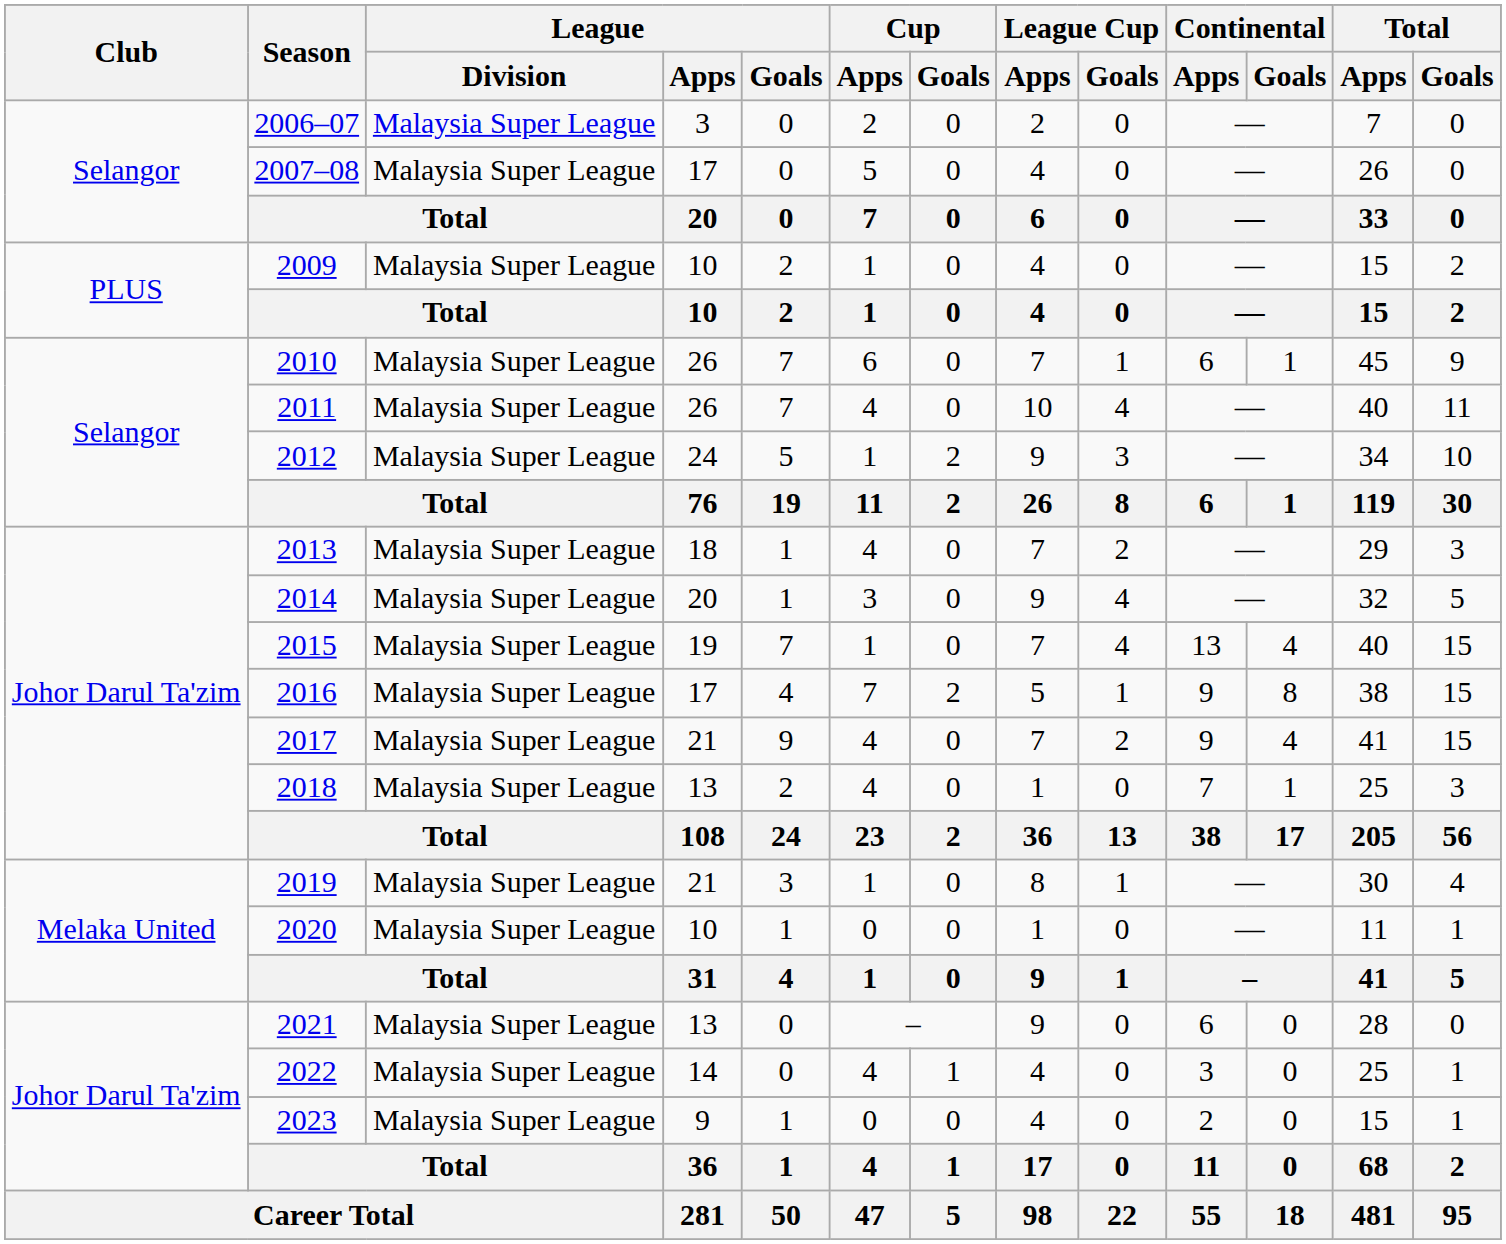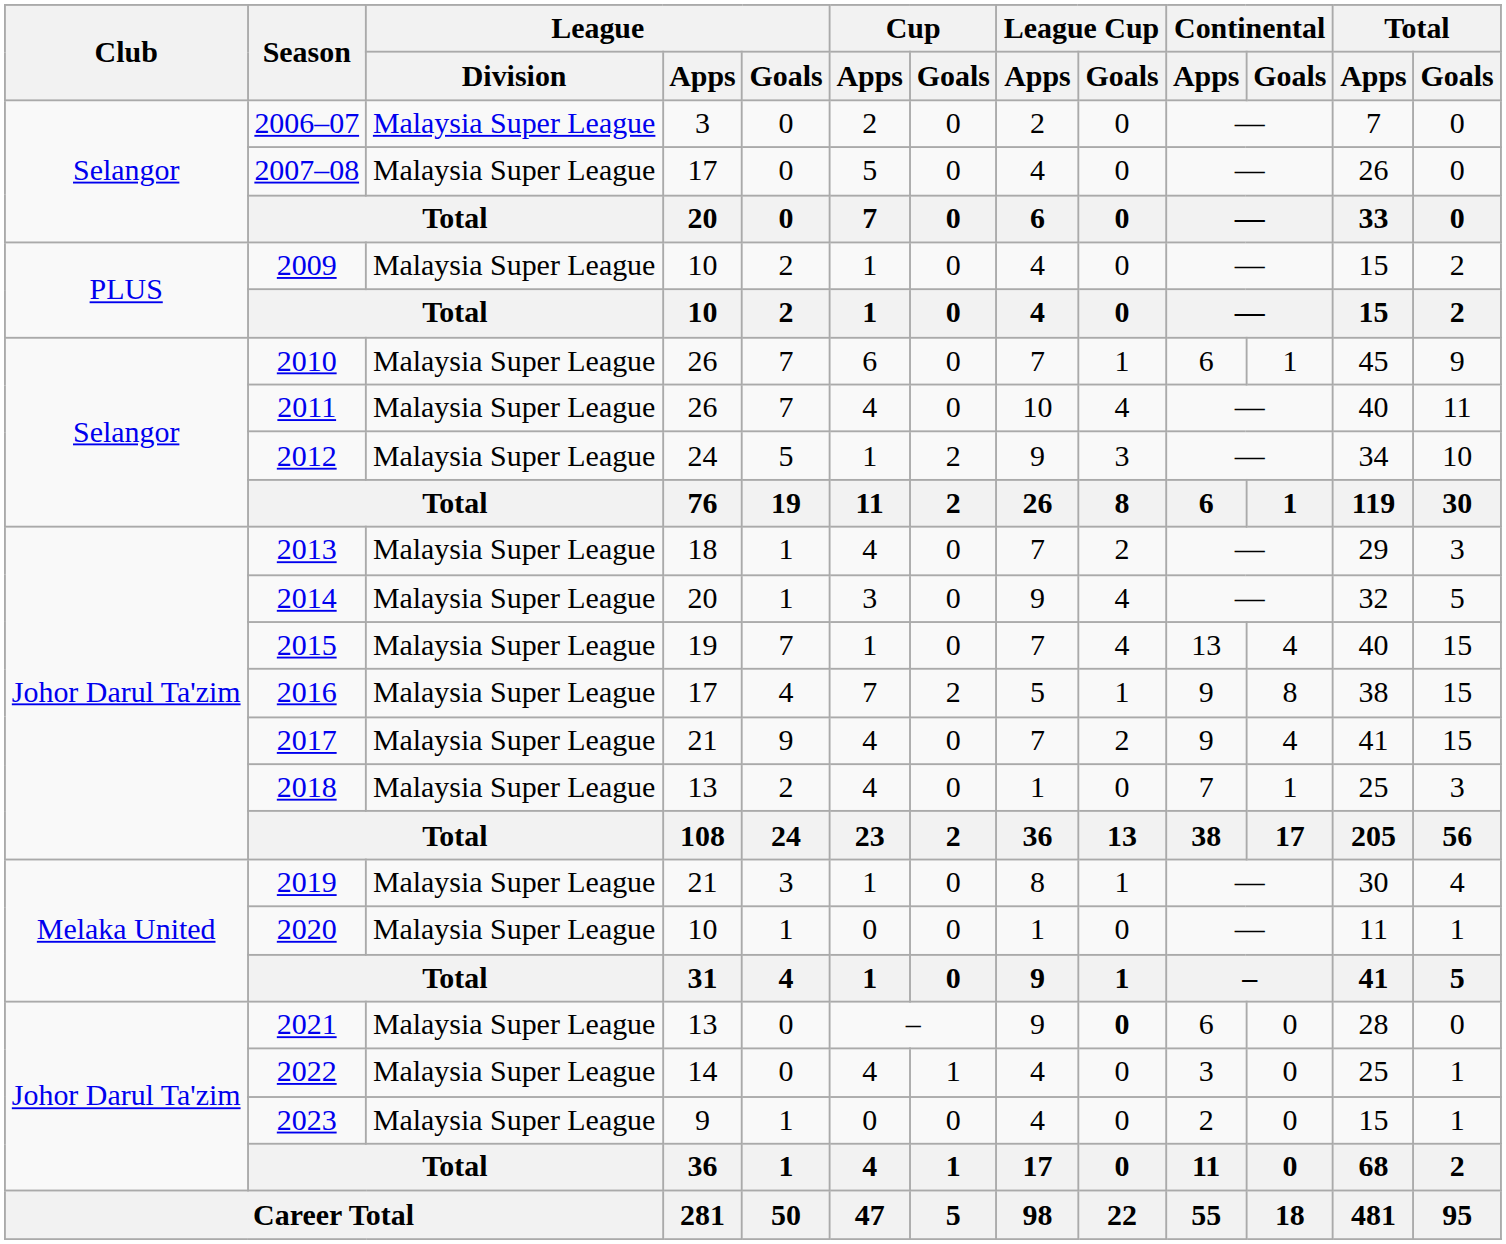 <table class=wikitable style="text-align:center">
 <tr>
 <th rowspan=2>Club</th>
 <th rowspan=2>Season</th>
 <th colspan=3>League</th>
 <th colspan=2>Cup</th>
 <th colspan=2>League Cup</th>
 <th colspan=2>Continental</th>
 <th colspan=2>Total</th>
 </tr>
 <tr>
 <th>Division</th>
 <th>Apps</th>
 <th>Goals</th>
 <th>Apps</th>
 <th>Goals</th>
 <th>Apps</th>
 <th>Goals</th>
 <th>Apps</th>
 <th>Goals</th>
 <th>Apps</th>
 <th>Goals</th>
 </tr>
 <tr>
 <td rowspan=3><a href='#'>Selangor</a></td>
 <td><a href='#'>2006–07</a></td>
 <td><a href='#'>Malaysia Super League</a></td>
 <td>3</td>
 <td>0</td>
 <td>2</td>
 <td>0</td>
 <td>2</td>
 <td>0</td>
 <td colspan=2>—</td>
 <td>7</td>
 <td>0</td>
 </tr>
 <tr>
 <td><a href='#'>2007–08</a></td>
 <td>Malaysia Super League</td>
 <td>17</td>
 <td>0</td>
 <td>5</td>
 <td>0</td>
 <td>4</td>
 <td>0</td>
 <td colspan=2>—</td>
 <td>26</td>
 <td>0</td>
 </tr>
 <tr>
 <th colspan="2">Total</th>
 <th>20</th>
 <th>0</th>
 <th>7</th>
 <th>0</th>
 <th>6</th>
 <th>0</th>
 <th colspan=2>—</th>
 <th>33</th>
 <th>0</th>
 </tr>
 <tr>
 <td rowspan=2><a href='#'>PLUS</a></td>
 <td><a href='#'>2009</a></td>
 <td>Malaysia Super League</td>
 <td>10</td>
 <td>2</td>
 <td>1</td>
 <td>0</td>
 <td>4</td>
 <td>0</td>
 <td colspan=2>—</td>
 <td>15</td>
 <td>2</td>
 </tr>
 <tr>
 <th colspan="2">Total</th>
 <th>10</th>
 <th>2</th>
 <th>1</th>
 <th>0</th>
 <th>4</th>
 <th>0</th>
 <th colspan=2>—</th>
 <th>15</th>
 <th>2</th>
 </tr>
 <tr>
 <td rowspan=4><a href='#'>Selangor</a></td>
 <td><a href='#'>2010</a></td>
 <td>Malaysia Super League</td>
 <td>26</td>
 <td>7</td>
 <td>6</td>
 <td>0</td>
 <td>7</td>
 <td>1</td>
 <td>6</td>
 <td>1</td>
 <td>45</td>
 <td>9</td>
 </tr>
 <tr>
 <td><a href='#'>2011</a></td>
 <td>Malaysia Super League</td>
 <td>26</td>
 <td>7</td>
 <td>4</td>
 <td>0</td>
 <td>10</td>
 <td>4</td>
 <td colspan=2>—</td>
 <td>40</td>
 <td>11</td>
 </tr>
 <tr>
 <td><a href='#'>2012</a></td>
 <td>Malaysia Super League</td>
 <td>24</td>
 <td>5</td>
 <td>1</td>
 <td>2</td>
 <td>9</td>
 <td>3</td>
 <td colspan=2>—</td>
 <td>34</td>
 <td>10</td>
 </tr>
 <tr>
 <th colspan="2">Total</th>
 <th>76</th>
 <th>19</th>
 <th>11</th>
 <th>2</th>
 <th>26</th>
 <th>8</th>
 <th>6</th>
 <th>1</th>
 <th>119</th>
 <th>30</th>
 </tr>
 <tr>
 <td rowspan=7><a href='#'>Johor Darul Ta'zim</a></td>
 <td><a href='#'>2013</a></td>
 <td>Malaysia Super League</td>
 <td>18</td>
 <td>1</td>
 <td>4</td>
 <td>0</td>
 <td>7</td>
 <td>2</td>
 <td colspan=2>—</td>
 <td>29</td>
 <td>3</td>
 </tr>
 <tr>
 <td><a href='#'>2014</a></td>
 <td>Malaysia Super League</td>
 <td>20</td>
 <td>1</td>
 <td>3</td>
 <td>0</td>
 <td>9</td>
 <td>4</td>
 <td colspan=2>—</td>
 <td>32</td>
 <td>5</td>
 </tr>
 <tr>
 <td><a href='#'>2015</a></td>
 <td>Malaysia Super League</td>
 <td>19</td>
 <td>7</td>
 <td>1</td>
 <td>0</td>
 <td>7</td>
 <td>4</td>
 <td>13</td>
 <td>4</td>
 <td>40</td>
 <td>15</td>
 </tr>
 <tr>
 <td><a href='#'>2016</a></td>
 <td>Malaysia Super League</td>
 <td>17</td>
 <td>4</td>
 <td>7</td>
 <td>2</td>
 <td>5</td>
 <td>1</td>
 <td>9</td>
 <td>8</td>
 <td>38</td>
 <td>15</td>
 </tr>
 <tr>
 <td><a href='#'>2017</a></td>
 <td>Malaysia Super League</td>
 <td>21</td>
 <td>9</td>
 <td>4</td>
 <td>0</td>
 <td>7</td>
 <td>2</td>
 <td>9</td>
 <td>4</td>
 <td>41</td>
 <td>15</td>
 </tr>
 <tr>
 <td><a href='#'>2018</a></td>
 <td>Malaysia Super League</td>
 <td>13</td>
 <td>2</td>
 <td>4</td>
 <td>0</td>
 <td>1</td>
 <td>0</td>
 <td>7</td>
 <td>1</td>
 <td>25</td>
 <td>3</td>
 </tr>
 <tr>
 <th colspan="2">Total</th>
 <th>108</th>
 <th>24</th>
 <th>23</th>
 <th>2</th>
 <th>36</th>
 <th>13</th>
 <th>38</th>
 <th>17</th>
 <th>205</th>
 <th>56</th>
 </tr>
 <tr>
 <td rowspan=3><a href='#'>Melaka United</a></td>
 <td><a href='#'>2019</a></td>
 <td>Malaysia Super League</td>
 <td>21</td>
 <td>3</td>
 <td>1</td>
 <td>0</td>
 <td>8</td>
 <td>1</td>
 <td colspan=2>—</td>
 <td>30</td>
 <td>4</td>
 </tr>
 <tr>
 <td><a href='#'>2020</a></td>
 <td>Malaysia Super League</td>
 <td>10</td>
 <td>1</td>
 <td>0</td>
 <td>0</td>
 <td>1</td>
 <td>0</td>
 <td colspan=2>—</td>
 <td>11</td>
 <td>1</td>
 </tr>
 <tr>
 <th colspan="2">Total</th>
 <th>31</th>
 <th>4</th>
 <th>1</th>
 <th>0</th>
 <th>9</th>
 <th>1</th>
 <th colspan="2">–</th>
 <th>41</th>
 <th>5</th>
 </tr>
 <tr>
 <td rowspan=4><a href='#'>Johor Darul Ta'zim</a></td>
 <td><a href='#'>2021</a></td>
 <td>Malaysia Super League</td>
 <td>13</td>
 <td>0</td>
 <td colspan="2">–</td>
 <td>9</td>
-<td>0</td>
+<td><strong>0</strong></td>
 <td>6</td>
 <td>0</td>
 <td>28</td>
 <td>0</td>
 </tr>
 <tr>
 <td><a href='#'>2022</a></td>
 <td>Malaysia Super League</td>
 <td>14</td>
 <td>0</td>
 <td>4</td>
 <td>1</td>
 <td>4</td>
 <td>0</td>
 <td>3</td>
 <td>0</td>
 <td>25</td>
 <td>1</td>
 </tr>
 <tr>
 <td><a href='#'>2023</a></td>
 <td>Malaysia Super League</td>
 <td>9</td>
 <td>1</td>
 <td>0</td>
 <td>0</td>
 <td>4</td>
 <td>0</td>
 <td>2</td>
 <td>0</td>
 <td>15</td>
 <td>1</td>
 </tr>
 <tr>
 <th colspan="2">Total</th>
 <th>36</th>
 <th>1</th>
 <th>4</th>
 <th>1</th>
 <th>17</th>
 <th>0</th>
 <th>11</th>
 <th>0</th>
 <th>68</th>
 <th>2</th>
 </tr>
 <tr>
 <th colspan="3">Career Total</th>
 <th>281</th>
 <th>50</th>
 <th>47</th>
 <th>5</th>
 <th>98</th>
 <th>22</th>
 <th>55</th>
 <th>18</th>
 <th>481</th>
 <th>95</th>
 </tr>
 </table>
